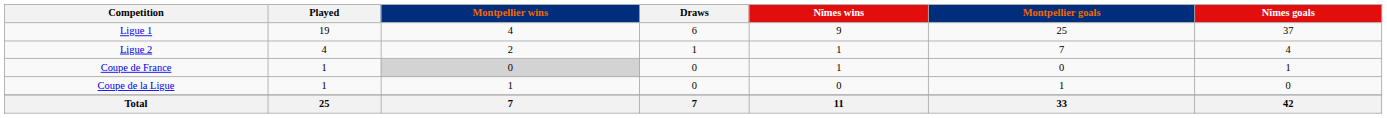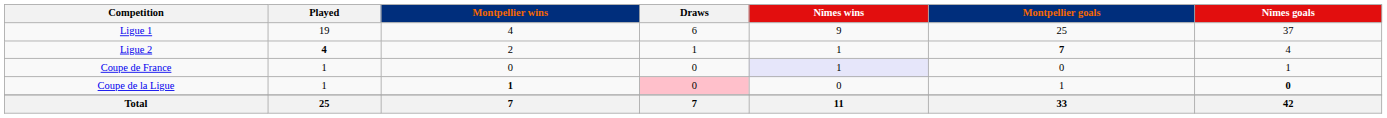 <table class="wikitable" style="text-align: center; width: 100%; font-size: 12px">
 <tr>
 <th>Competition</th>
 <th>Played</th>
 <th style="background:#002e7c; color:#f56701">Montpellier wins</th>
 <th>Draws</th>
 <th style="background:#e20e0e; color:#fff">Nîmes wins</th>
 <th style="background:#002e7c; color:#f56701">Montpellier goals</th>
 <th style="background:#e20e0e; color:#fff">Nîmes goals</th>
 </tr>
 <tr>
 <td><a href='#'>Ligue 1</a></td>
 <td>19</td>
 <td>4</td>
 <td>6</td>
 <td>9</td>
 <td>25</td>
 <td>37</td>
 </tr>
 <tr>
 <td><a href='#'>Ligue 2</a></td>
-<td>4</td>
+<td><strong>4</strong></td>
 <td>2</td>
 <td>1</td>
 <td>1</td>
-<td>7</td>
+<td><strong>7</strong></td>
 <td>4</td>
 </tr>
 <tr>
 <td><a href='#'>Coupe de France</a></td>
 <td>1</td>
-<td style="background: lightgrey;">0</td>
 <td>0</td>
-<td>1</td>
+<td>0</td>
+<td style="background: lavender;">1</td>
 <td>0</td>
 <td>1</td>
 </tr>
 <tr>
 <td><a href='#'>Coupe de la Ligue</a></td>
 <td>1</td>
-<td>1</td>
-<td>0</td>
+<td><strong>1</strong></td>
+<td style="background: pink;">0</td>
 <td>0</td>
 <td>1</td>
-<td>0</td>
+<td><strong>0</strong></td>
 </tr>
 <tr>
 </tr>
 <tr class="sortbottom">
 <th>Total</th>
 <th>25</th>
 <th>7</th>
 <th>7</th>
 <th>11</th>
 <th>33</th>
 <th>42</th>
 </tr>
 </table>
